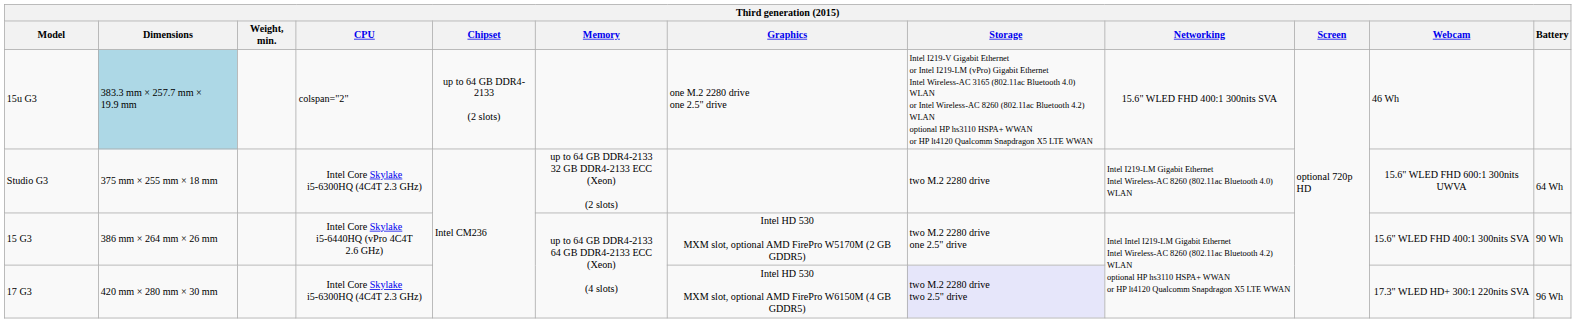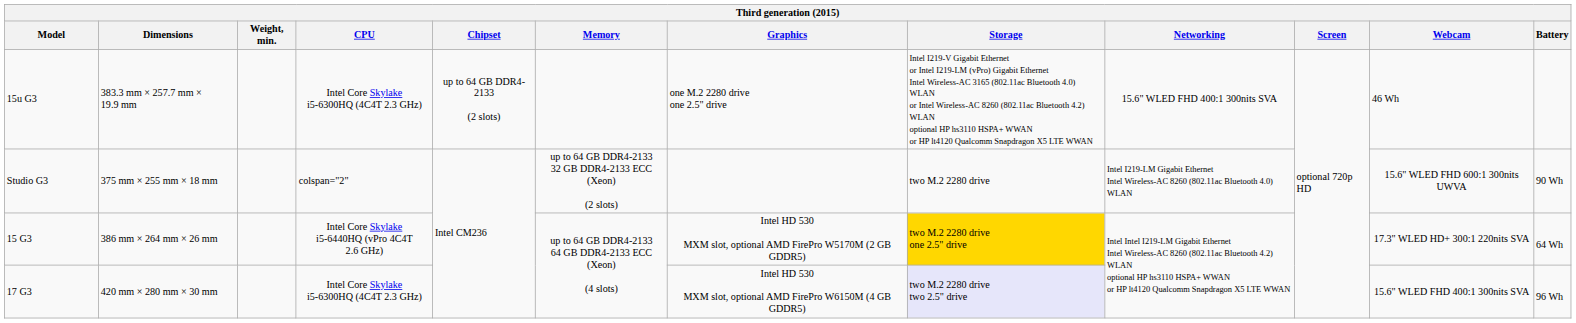 <table class="wikitable" style="font-size: 80%; width: 100%;">
 <tr>
 <th colspan="13">Third generation (2015)</th>
 </tr>
 <tr>
 <th width="6%">Model</th>
 <th>Dimensions</th>
 <th>Weight, min.</th>
 <th><a href='#'>CPU</a></th>
 <th><a href='#'>Chipset</a></th>
 <th><a href='#'>Memory</a></th>
 <th><a href='#'>Graphics</a></th>
 <th><a href='#'>Storage</a></th>
 <th><a href='#'>Networking</a></th>
 <th><a href='#'>Screen</a></th>
 <th><a href='#'>Webcam</a></th>
 <th>Battery</th>
 </tr>
 <tr>
 <td>15u G3 </td>
-<td style="background: lightblue;">383.3 mm × 257.7 mm × 19.9 mm</td>
+<td>383.3 mm × 257.7 mm × 19.9 mm</td>
 <td></td>
-<td>colspan="2" </td>
+<td style="text-align:center;background:">Intel Core <a href='#'>Skylake</a> <br> i5-6300HQ (4C4T 2.3 GHz)<br></td>
 <td style="text-align:center;background:">up to 64 GB DDR4-2133<br><br>(2 slots)</td>
 <td></td>
 <td>one M.2 2280 drive<br>one 2.5" drive</td>
 <td><small>Intel I219-V Gigabit Ethernet<br><span>or Intel I219-LM (vPro) Gigabit Ethernet</span><br>Intel Wireless-AC 3165 (802.11ac Bluetooth 4.0) WLAN<br><span>or Intel Wireless-AC 8260 (802.11ac Bluetooth 4.2) WLAN</span><br>optional HP hs3110 HSPA+ WWAN<br><span>or HP lt4120 Qualcomm Snapdragon X5 LTE WWAN</span></small></td>
 <td style="text-align:center;background:">15.6" WLED FHD 400:1 300nits SVA<br></td>
 <td rowspan="4">optional 720p HD<br></td>
 <td>46 Wh</td>
 </tr>
 <tr>
 <td>Studio G3 </td>
 <td>375 mm × 255 mm × 18 mm</td>
 <td></td>
-<td style="text-align:center;background:">Intel Core <a href='#'>Skylake</a> <br> i5-6300HQ (4C4T 2.3 GHz)<br></td>
+<td>colspan="2" </td>
 <td rowspan="3">Intel CM236</td>
 <td style="text-align:center;background:">up to 64 GB DDR4-2133 <br>32 GB DDR4-2133 ECC (Xeon)<br><br>(2 slots)</td>
 <td></td>
 <td>two M.2 2280 drive</td>
 <td><small>Intel I219-LM Gigabit Ethernet<br>Intel Wireless-AC 8260 (802.11ac Bluetooth 4.0) WLAN</small></td>
 <td style="text-align:center;background:">15.6" WLED FHD 600:1 300nits UWVA<br></td>
-<td><br>64 Wh</td>
+<td>90 Wh</td>
 </tr>
 <tr>
 <td>15 G3 </td>
 <td>386 mm × 264 mm × 26 mm</td>
 <td></td>
 <td style="text-align:center;background:">Intel Core <a href='#'>Skylake</a> <br> i5-6440HQ (vPro 4C4T 2.6 GHz)<br></td>
 <td rowspan="2" style="text-align:center;background:">up to 64 GB DDR4-2133 <br>64 GB DDR4-2133 ECC (Xeon)<br><br>(4 slots)</td>
 <td style="text-align:center;background:">Intel HD 530<br><br>MXM slot, optional AMD FirePro W5170M (2 GB GDDR5)<br></td>
-<td>two M.2 2280 drive<br>one 2.5" drive</td>
+<td style="background: gold;">two M.2 2280 drive<br>one 2.5" drive</td>
 <td rowspan="2"><small>Intel Intel I219-LM Gigabit Ethernet<br>Intel Wireless-AC 8260 (802.11ac Bluetooth 4.2) WLAN<br>optional HP hs3110 HSPA+ WWAN<br><span>or HP lt4120 Qualcomm Snapdragon X5 LTE WWAN</span></small></td>
-<td style="text-align:center;background:">15.6" WLED FHD 400:1 300nits SVA<br></td>
-<td>90 Wh</td>
+<td style="text-align:center;background:">17.3" WLED HD+ 300:1 220nits SVA<br></td>
+<td><br>64 Wh</td>
 </tr>
 <tr>
 <td>17 G3 </td>
 <td>420 mm × 280 mm × 30 mm</td>
 <td></td>
 <td style="text-align:center;background:">Intel Core <a href='#'>Skylake</a> <br> i5-6300HQ (4C4T 2.3 GHz)<br></td>
 <td style="text-align:center;background:">Intel HD 530<br><br>MXM slot, optional AMD FirePro W6150M (4 GB GDDR5)<br></td>
 <td style="background: lavender;">two M.2 2280 drive<br>two 2.5" drive</td>
-<td style="text-align:center;background:">17.3" WLED HD+ 300:1 220nits SVA<br></td>
+<td style="text-align:center;background:">15.6" WLED FHD 400:1 300nits SVA<br></td>
 <td><br>96 Wh</td>
 </tr>
 </table>
